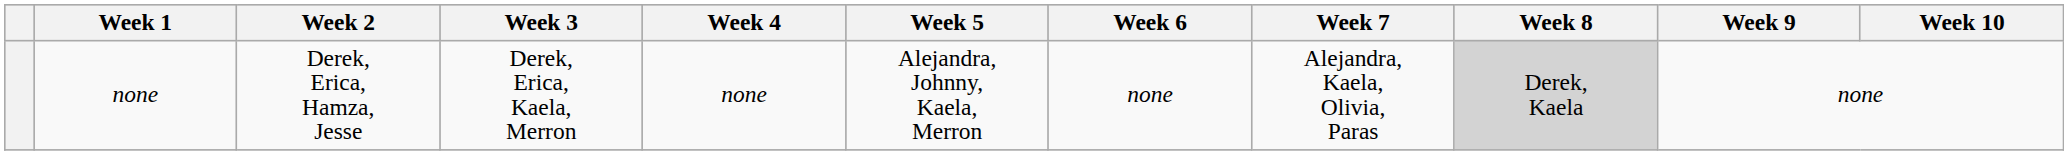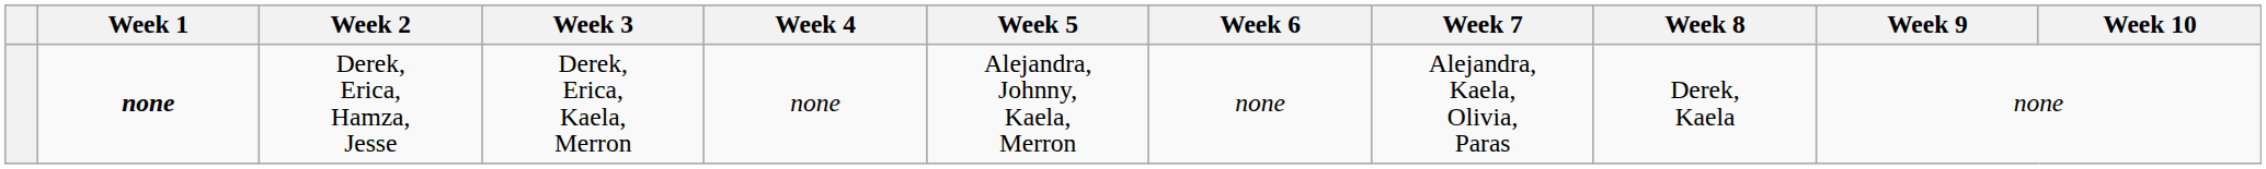 <table class="wikitable" style="text-align:center; font-size:90%; width:100%; line-height:15px;">
 <tr>
 <th style="width:1%"></th>
 <th style="width:7%">Week 1</th>
 <th style="width:7%">Week 2</th>
 <th style="width:7%">Week 3</th>
 <th style="width:7%">Week 4 </th>
 <th style="width:7%">Week 5</th>
 <th style="width:7%">Week 6 </th>
 <th style="width:7%">Week 7</th>
 <th style="width:7%">Week 8</th>
 <th style="width:7%">Week 9</th>
 <th style="width:7%">Week 10</th>
 </tr>
 <tr>
 <th></th>
-<td><em>none</em></td>
+<td><strong><em>none</em></strong></td>
 <td>Derek,<br>Erica,<br>Hamza,<br>Jesse</td>
 <td>Derek,<br>Erica,<br>Kaela,<br>Merron</td>
 <td><em>none</em></td>
 <td>Alejandra,<br>Johnny,<br>Kaela,<br>Merron</td>
 <td><em>none</em></td>
 <td>Alejandra,<br>Kaela,<br>Olivia,<br>Paras</td>
-<td style="background: lightgrey;">Derek,<br>Kaela</td>
+<td>Derek,<br>Kaela</td>
 <td colspan=2><em>none</em></td>
 </tr>
 </table>
